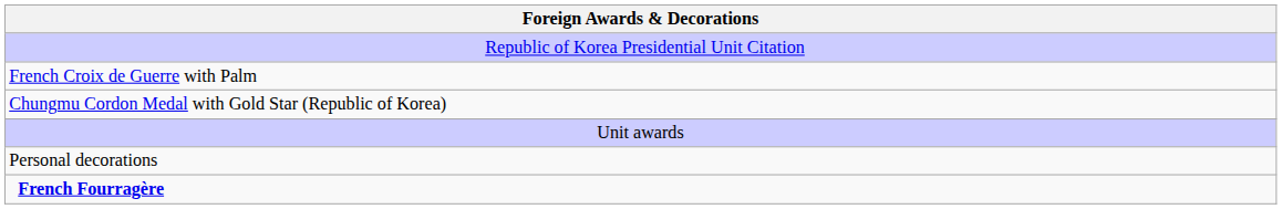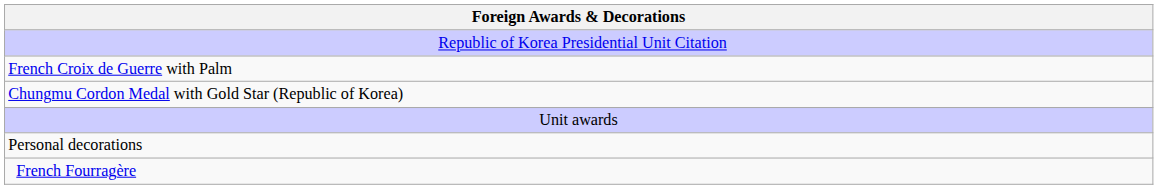 <table class="wikitable" style="width:90%;">
 <tr>
 <th>Foreign Awards & Decorations</th>
 </tr>
 <tr style="background:#ccf; text-align:center;">
 <td>  <a href='#'>Republic of Korea Presidential Unit Citation</a></td>
 </tr>
 <tr>
 <td> <a href='#'>French Croix de Guerre</a> with Palm</td>
 </tr>
 <tr>
 <td> <a href='#'>Chungmu Cordon Medal</a> with Gold Star (Republic of Korea)</td>
 </tr>
 <tr style="background:#ccf; text-align:center;">
 <td>Unit awards</td>
 </tr>
 <tr>
 <td>Personal decorations</td>
 </tr>
 <tr>
-<td><strong>  <a href='#'>French Fourragère</a></strong></td>
+<td>  <a href='#'>French Fourragère</a></td>
 </tr>
 </table>
